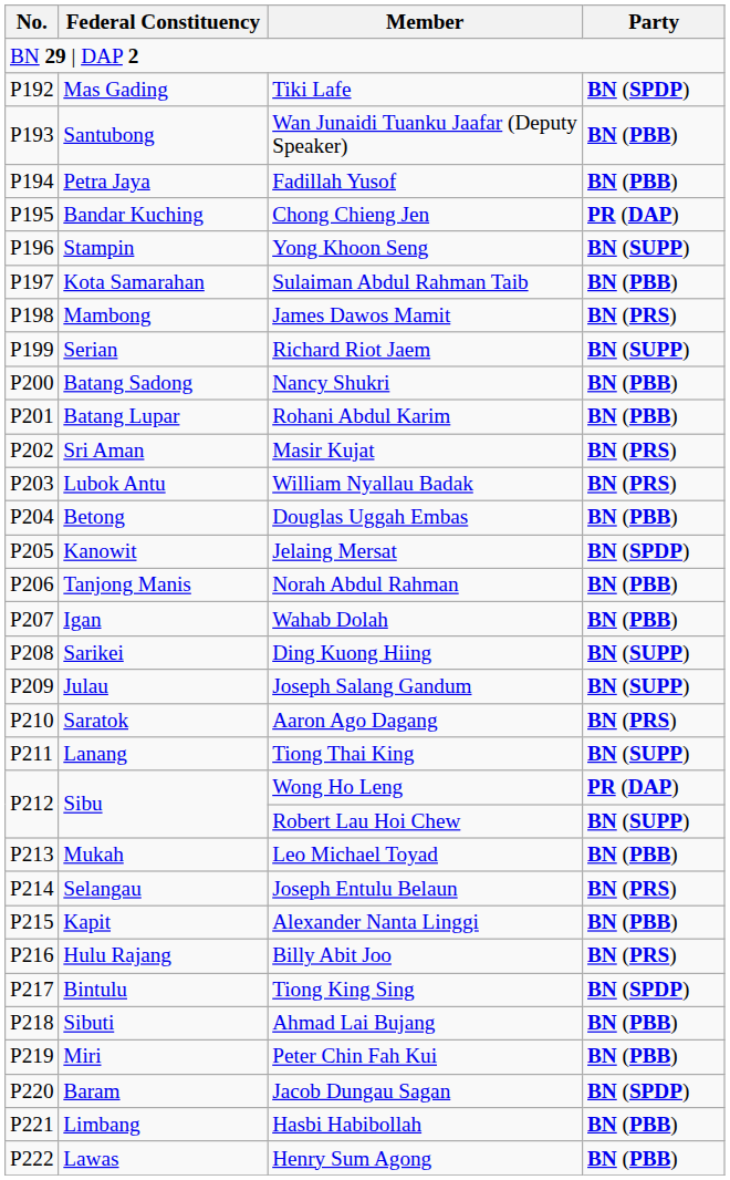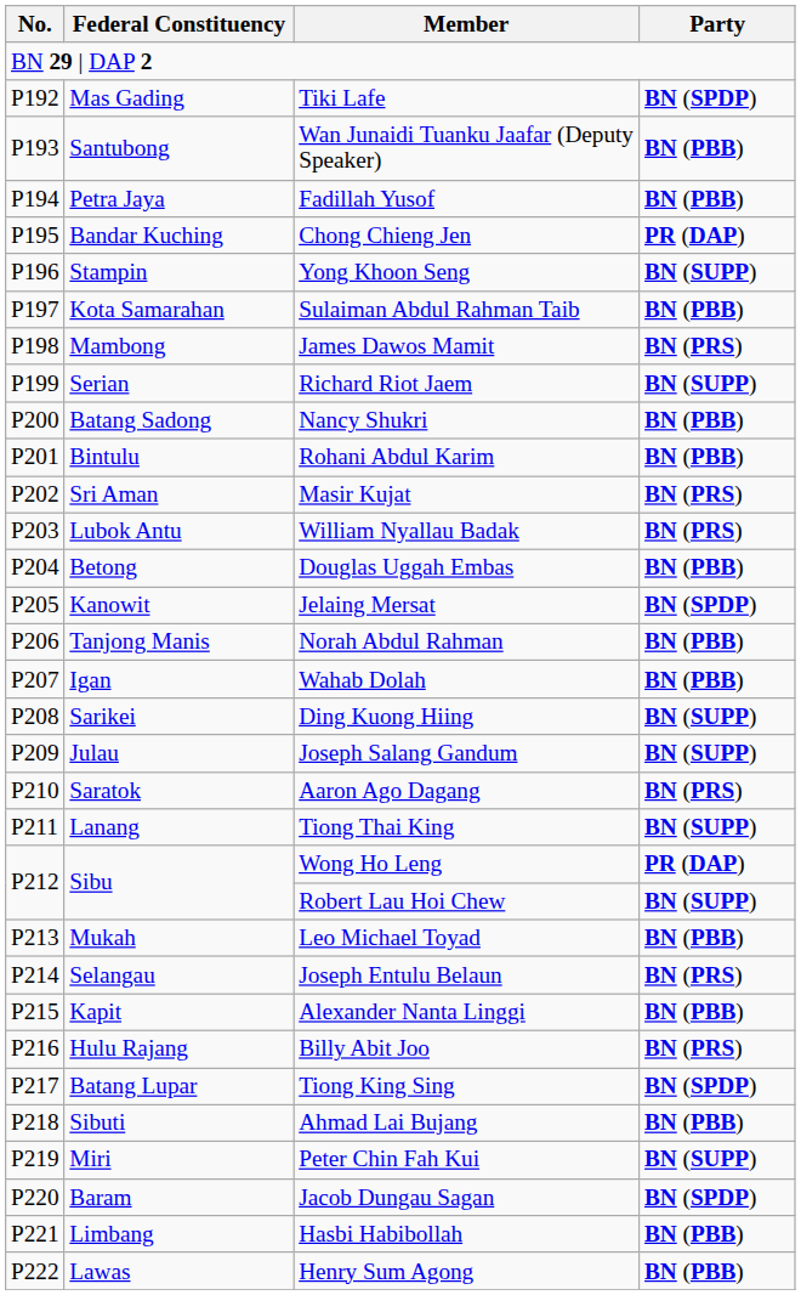 <table class ="wikitable sortable">
 <tr>
 <th style="width:30px;">No.</th>
 <th style="width:150px;">Federal Constituency</th>
 <th style="width:230px;">Member</th>
 <th style="width:100px;">Party</th>
 </tr>
 <tr>
 <td colspan="4"><a href='#'>BN</a> <strong>29</strong> | <a href='#'>DAP</a> <strong>2</strong></td>
 </tr>
 <tr>
 <td>P192</td>
 <td><a href='#'>Mas Gading</a></td>
 <td><a href='#'>Tiki Lafe</a></td>
 <td><strong><a href='#'>BN</a></strong> (<strong><a href='#'>SPDP</a></strong>)</td>
 </tr>
 <tr>
 <td>P193</td>
 <td><a href='#'>Santubong</a></td>
 <td><a href='#'>Wan Junaidi Tuanku Jaafar</a> (Deputy Speaker)</td>
 <td><strong><a href='#'>BN</a></strong> (<strong><a href='#'>PBB</a></strong>)</td>
 </tr>
 <tr>
 <td>P194</td>
 <td><a href='#'>Petra Jaya</a></td>
 <td><a href='#'>Fadillah Yusof</a></td>
 <td><strong><a href='#'>BN</a></strong> (<strong><a href='#'>PBB</a></strong>)</td>
 </tr>
 <tr>
 <td>P195</td>
 <td><a href='#'>Bandar Kuching</a></td>
 <td><a href='#'>Chong Chieng Jen</a></td>
 <td><strong><a href='#'>PR</a></strong> (<strong><a href='#'>DAP</a></strong>)</td>
 </tr>
 <tr>
 <td>P196</td>
 <td><a href='#'>Stampin</a></td>
 <td><a href='#'>Yong Khoon Seng</a></td>
 <td><strong><a href='#'>BN</a></strong> (<strong><a href='#'>SUPP</a></strong>)</td>
 </tr>
 <tr>
 <td>P197</td>
 <td><a href='#'>Kota Samarahan</a></td>
 <td><a href='#'>Sulaiman Abdul Rahman Taib</a></td>
 <td><strong><a href='#'>BN</a></strong> (<strong><a href='#'>PBB</a></strong>)</td>
 </tr>
 <tr>
 <td>P198</td>
 <td><a href='#'>Mambong</a></td>
 <td><a href='#'>James Dawos Mamit</a></td>
 <td><strong><a href='#'>BN</a></strong> (<strong><a href='#'>PRS</a></strong>)</td>
 </tr>
 <tr>
 <td>P199</td>
 <td><a href='#'>Serian</a></td>
 <td><a href='#'>Richard Riot Jaem</a></td>
 <td><strong><a href='#'>BN</a></strong> (<strong><a href='#'>SUPP</a></strong>)</td>
 </tr>
 <tr>
 <td>P200</td>
 <td><a href='#'>Batang Sadong</a></td>
 <td><a href='#'>Nancy Shukri</a></td>
 <td><strong><a href='#'>BN</a></strong> (<strong><a href='#'>PBB</a></strong>)</td>
 </tr>
 <tr>
 <td>P201</td>
-<td><a href='#'>Batang Lupar</a></td>
+<td><a href='#'>Bintulu</a></td>
 <td><a href='#'>Rohani Abdul Karim</a></td>
 <td><strong><a href='#'>BN</a></strong> (<strong><a href='#'>PBB</a></strong>)</td>
 </tr>
 <tr>
 <td>P202</td>
 <td><a href='#'>Sri Aman</a></td>
 <td><a href='#'>Masir Kujat</a></td>
 <td><strong><a href='#'>BN</a></strong> (<strong><a href='#'>PRS</a></strong>)</td>
 </tr>
 <tr>
 <td>P203</td>
 <td><a href='#'>Lubok Antu</a></td>
 <td><a href='#'>William Nyallau Badak</a></td>
 <td><strong><a href='#'>BN</a></strong> (<strong><a href='#'>PRS</a></strong>)</td>
 </tr>
 <tr>
 <td>P204</td>
 <td><a href='#'>Betong</a></td>
 <td><a href='#'>Douglas Uggah Embas</a></td>
 <td><strong><a href='#'>BN</a></strong> (<strong><a href='#'>PBB</a></strong>)</td>
 </tr>
 <tr>
 <td>P205</td>
 <td><a href='#'>Kanowit</a></td>
 <td><a href='#'>Jelaing Mersat</a></td>
 <td><strong><a href='#'>BN</a></strong> (<strong><a href='#'>SPDP</a></strong>)</td>
 </tr>
 <tr>
 <td>P206</td>
 <td><a href='#'>Tanjong Manis</a></td>
 <td><a href='#'>Norah Abdul Rahman</a></td>
 <td><strong><a href='#'>BN</a></strong> (<strong><a href='#'>PBB</a></strong>)</td>
 </tr>
 <tr>
 <td>P207</td>
 <td><a href='#'>Igan</a></td>
 <td><a href='#'>Wahab Dolah</a></td>
 <td><strong><a href='#'>BN</a></strong> (<strong><a href='#'>PBB</a></strong>)</td>
 </tr>
 <tr>
 <td>P208</td>
 <td><a href='#'>Sarikei</a></td>
 <td><a href='#'>Ding Kuong Hiing</a></td>
 <td><strong><a href='#'>BN</a></strong> (<strong><a href='#'>SUPP</a></strong>)</td>
 </tr>
 <tr>
 <td>P209</td>
 <td><a href='#'>Julau</a></td>
 <td><a href='#'>Joseph Salang Gandum</a></td>
 <td><strong><a href='#'>BN</a></strong> (<strong><a href='#'>SUPP</a></strong>)</td>
 </tr>
 <tr>
 <td>P210</td>
 <td><a href='#'>Saratok</a></td>
 <td><a href='#'>Aaron Ago Dagang</a></td>
 <td><strong><a href='#'>BN</a></strong> (<strong><a href='#'>PRS</a></strong>)</td>
 </tr>
 <tr>
 <td>P211</td>
 <td><a href='#'>Lanang</a></td>
 <td><a href='#'>Tiong Thai King</a></td>
 <td><strong><a href='#'>BN</a></strong> (<strong><a href='#'>SUPP</a></strong>)</td>
 </tr>
 <tr>
 <td rowspan="2">P212</td>
 <td rowspan="2"><a href='#'>Sibu</a></td>
 <td><a href='#'>Wong Ho Leng</a>  </td>
 <td><strong><a href='#'>PR</a></strong> (<strong><a href='#'>DAP</a></strong>)</td>
 </tr>
 <tr>
 <td><a href='#'>Robert Lau Hoi Chew</a> </td>
 <td><strong><a href='#'>BN</a></strong> (<strong><a href='#'>SUPP</a></strong>)</td>
 </tr>
 <tr>
 <td>P213</td>
 <td><a href='#'>Mukah</a></td>
 <td><a href='#'>Leo Michael Toyad</a></td>
 <td><strong><a href='#'>BN</a></strong> (<strong><a href='#'>PBB</a></strong>)</td>
 </tr>
 <tr>
 <td>P214</td>
 <td><a href='#'>Selangau</a></td>
 <td><a href='#'>Joseph Entulu Belaun</a></td>
 <td><strong><a href='#'>BN</a></strong> (<strong><a href='#'>PRS</a></strong>)</td>
 </tr>
 <tr>
 <td>P215</td>
 <td><a href='#'>Kapit</a></td>
 <td><a href='#'>Alexander Nanta Linggi</a></td>
 <td><strong><a href='#'>BN</a></strong> (<strong><a href='#'>PBB</a></strong>)</td>
 </tr>
 <tr>
 <td>P216</td>
 <td><a href='#'>Hulu Rajang</a></td>
 <td><a href='#'>Billy Abit Joo</a></td>
 <td><strong><a href='#'>BN</a></strong> (<strong><a href='#'>PRS</a></strong>)</td>
 </tr>
 <tr>
 <td>P217</td>
-<td><a href='#'>Bintulu</a></td>
+<td><a href='#'>Batang Lupar</a></td>
 <td><a href='#'>Tiong King Sing</a></td>
 <td><strong><a href='#'>BN</a></strong> (<strong><a href='#'>SPDP</a></strong>)</td>
 </tr>
 <tr>
 <td>P218</td>
 <td><a href='#'>Sibuti</a></td>
 <td><a href='#'>Ahmad Lai Bujang</a></td>
 <td><strong><a href='#'>BN</a></strong> (<strong><a href='#'>PBB</a></strong>)</td>
 </tr>
 <tr>
 <td>P219</td>
 <td><a href='#'>Miri</a></td>
 <td><a href='#'>Peter Chin Fah Kui</a></td>
-<td><strong><a href='#'>BN</a></strong> (<strong><a href='#'>PBB</a></strong>)</td>
+<td><strong><a href='#'>BN</a></strong> (<strong><a href='#'>SUPP</a></strong>)</td>
 </tr>
 <tr>
 <td>P220</td>
 <td><a href='#'>Baram</a></td>
 <td><a href='#'>Jacob Dungau Sagan</a></td>
 <td><strong><a href='#'>BN</a></strong> (<strong><a href='#'>SPDP</a></strong>)</td>
 </tr>
 <tr>
 <td>P221</td>
 <td><a href='#'>Limbang</a></td>
 <td><a href='#'>Hasbi Habibollah</a></td>
 <td><strong><a href='#'>BN</a></strong> (<strong><a href='#'>PBB</a></strong>)</td>
 </tr>
 <tr>
 <td>P222</td>
 <td><a href='#'>Lawas</a></td>
 <td><a href='#'>Henry Sum Agong</a></td>
 <td><strong><a href='#'>BN</a></strong> (<strong><a href='#'>PBB</a></strong>)</td>
 </tr>
 </table>
